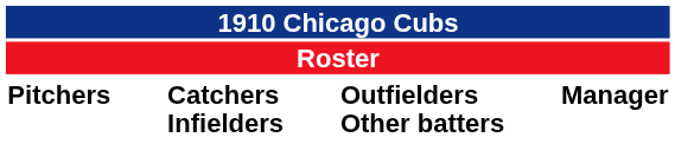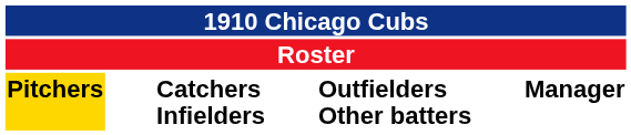 <table class="toccolours" style="font-size: 95%;">
 <tr>
 <th colspan="10" style="background-color: #0e3386; color: white; text-align: center;">1910 Chicago Cubs</th>
 </tr>
 <tr>
 <td colspan="10" style="background-color: #EE1422; color: white; text-align: center;"><strong>Roster</strong></td>
 </tr>
 <tr>
-<td valign="top"><strong>Pitchers</strong><br>           </td>
+<td valign="top" style="background: gold;"><strong>Pitchers</strong><br>           </td>
 <td width="25px"></td>
 <td valign="top"><strong>Catchers</strong><br>   <strong>Infielders</strong>      </td>
 <td width="25px"></td>
 <td valign="top"><strong>Outfielders</strong><br>     <strong>Other batters</strong> </td>
 <td width="25px"></td>
 <td valign="top"><strong>Manager</strong><br></td>
 </tr>
 </table>
